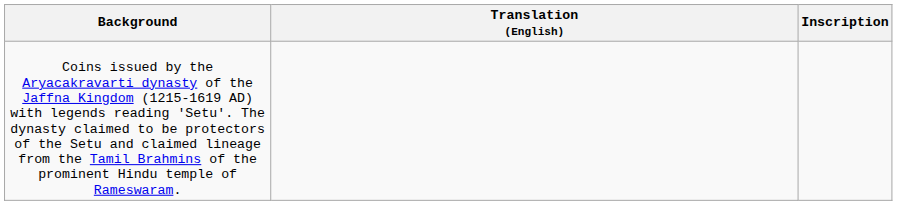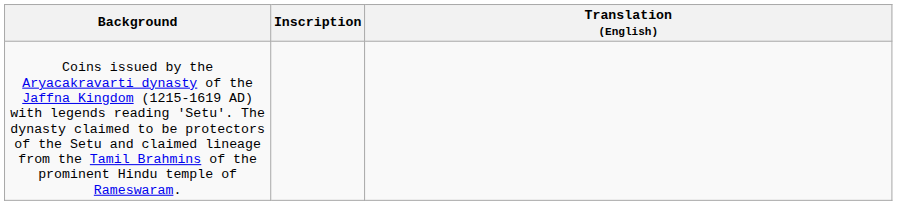 <table class="wikitable centre">
 <tr>
 <th scope="col" align=left>Background<br></th>
+<th>Inscription<br></th>
 <th>Translation<br><small>(English)</small></th>
-<th>Inscription<br></th>
 </tr>
 <tr>
 <td align=center width="30%"><br>Coins issued by the <a href='#'>Aryacakravarti dynasty</a> of the <a href='#'>Jaffna Kingdom</a> (1215-1619 AD) with legends reading 'Setu'. The dynasty claimed to be protectors of the Setu and claimed lineage from the <a href='#'>Tamil Brahmins</a> of the prominent Hindu temple of <a href='#'>Rameswaram</a>.</td>
+<td align=center width="10%"><br> </td>
 <td align=left><br></td>
-<td align=center width="10%"><br> </td>
 </tr>
 </table>
